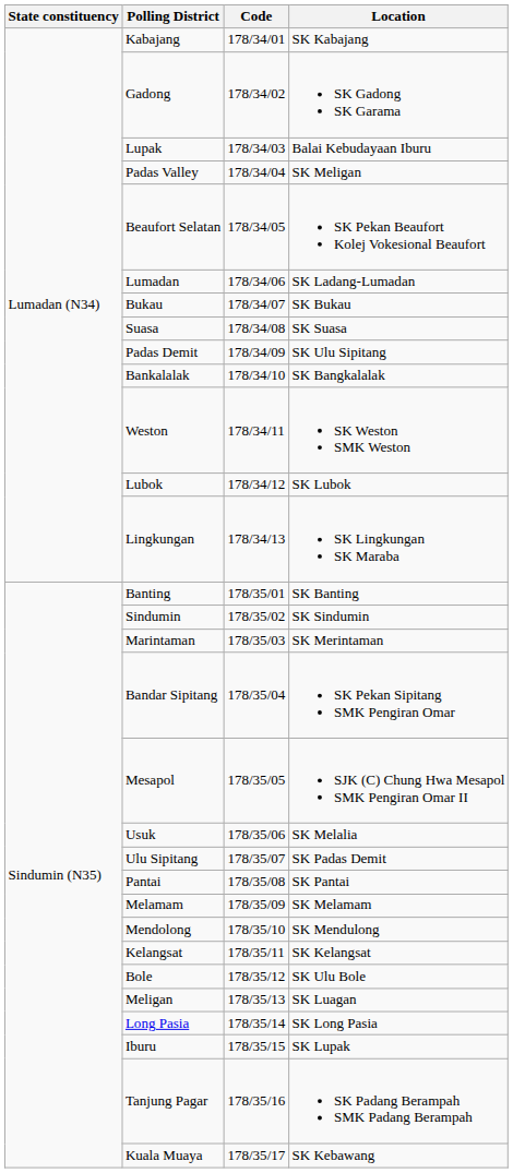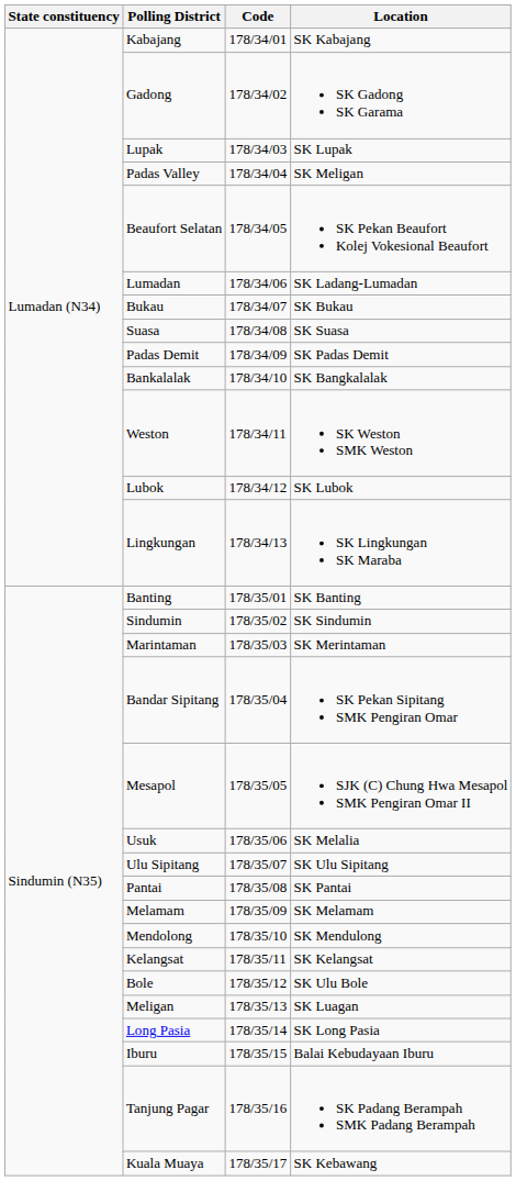 <table class="wikitable sortable mw-collapsible" style="white-space:nowrap;font-size:85%">
 <tr>
 <th>State constituency</th>
 <th>Polling District</th>
 <th>Code</th>
 <th>Location</th>
 </tr>
 <tr>
 <td rowspan="13">Lumadan (N34)</td>
 <td>Kabajang</td>
 <td>178/34/01</td>
 <td>SK Kabajang</td>
 </tr>
 <tr>
 <td>Gadong</td>
 <td>178/34/02</td>
 <td><br><ul><li>SK Gadong</li><li>SK Garama</li></ul></td>
 </tr>
 <tr>
 <td>Lupak</td>
 <td>178/34/03</td>
-<td>Balai Kebudayaan Iburu</td>
+<td>SK Lupak</td>
 </tr>
 <tr>
 <td>Padas Valley</td>
 <td>178/34/04</td>
 <td>SK Meligan</td>
 </tr>
 <tr>
 <td>Beaufort Selatan</td>
 <td>178/34/05</td>
 <td><br><ul><li>SK Pekan Beaufort</li><li>Kolej Vokesional Beaufort</li></ul></td>
 </tr>
 <tr>
 <td>Lumadan</td>
 <td>178/34/06</td>
 <td>SK Ladang-Lumadan</td>
 </tr>
 <tr>
 <td>Bukau</td>
 <td>178/34/07</td>
 <td>SK Bukau</td>
 </tr>
 <tr>
 <td>Suasa</td>
 <td>178/34/08</td>
 <td>SK Suasa</td>
 </tr>
 <tr>
 <td>Padas Demit</td>
 <td>178/34/09</td>
-<td>SK Ulu Sipitang</td>
+<td>SK Padas Demit</td>
 </tr>
 <tr>
 <td>Bankalalak</td>
 <td>178/34/10</td>
 <td>SK Bangkalalak</td>
 </tr>
 <tr>
 <td>Weston</td>
 <td>178/34/11</td>
 <td><br><ul><li>SK Weston</li><li>SMK Weston</li></ul></td>
 </tr>
 <tr>
 <td>Lubok</td>
 <td>178/34/12</td>
 <td>SK Lubok</td>
 </tr>
 <tr>
 <td>Lingkungan</td>
 <td>178/34/13</td>
 <td><br><ul><li>SK Lingkungan</li><li>SK Maraba</li></ul></td>
 </tr>
 <tr>
 <td rowspan="17">Sindumin (N35)</td>
 <td>Banting</td>
 <td>178/35/01</td>
 <td>SK Banting</td>
 </tr>
 <tr>
 <td>Sindumin</td>
 <td>178/35/02</td>
 <td>SK Sindumin</td>
 </tr>
 <tr>
 <td>Marintaman</td>
 <td>178/35/03</td>
 <td>SK Merintaman</td>
 </tr>
 <tr>
 <td>Bandar Sipitang</td>
 <td>178/35/04</td>
 <td><br><ul><li>SK Pekan Sipitang</li><li>SMK Pengiran Omar</li></ul></td>
 </tr>
 <tr>
 <td>Mesapol</td>
 <td>178/35/05</td>
 <td><br><ul><li>SJK (C) Chung Hwa Mesapol</li><li>SMK Pengiran Omar II</li></ul></td>
 </tr>
 <tr>
 <td>Usuk</td>
 <td>178/35/06</td>
 <td>SK Melalia</td>
 </tr>
 <tr>
 <td>Ulu Sipitang</td>
 <td>178/35/07</td>
-<td>SK Padas Demit</td>
+<td>SK Ulu Sipitang</td>
 </tr>
 <tr>
 <td>Pantai</td>
 <td>178/35/08</td>
 <td>SK Pantai</td>
 </tr>
 <tr>
 <td>Melamam</td>
 <td>178/35/09</td>
 <td>SK Melamam</td>
 </tr>
 <tr>
 <td>Mendolong</td>
 <td>178/35/10</td>
 <td>SK Mendulong</td>
 </tr>
 <tr>
 <td>Kelangsat</td>
 <td>178/35/11</td>
 <td>SK Kelangsat</td>
 </tr>
 <tr>
 <td>Bole</td>
 <td>178/35/12</td>
 <td>SK Ulu Bole</td>
 </tr>
 <tr>
 <td>Meligan</td>
 <td>178/35/13</td>
 <td>SK Luagan</td>
 </tr>
 <tr>
 <td><a href='#'>Long Pasia</a></td>
 <td>178/35/14</td>
 <td>SK Long Pasia</td>
 </tr>
 <tr>
 <td>Iburu</td>
 <td>178/35/15</td>
-<td>SK Lupak</td>
+<td>Balai Kebudayaan Iburu</td>
 </tr>
 <tr>
 <td>Tanjung Pagar</td>
 <td>178/35/16</td>
 <td><br><ul><li>SK Padang Berampah</li><li>SMK Padang Berampah</li></ul></td>
 </tr>
 <tr>
 <td>Kuala Muaya</td>
 <td>178/35/17</td>
 <td>SK Kebawang</td>
 </tr>
 </table>
